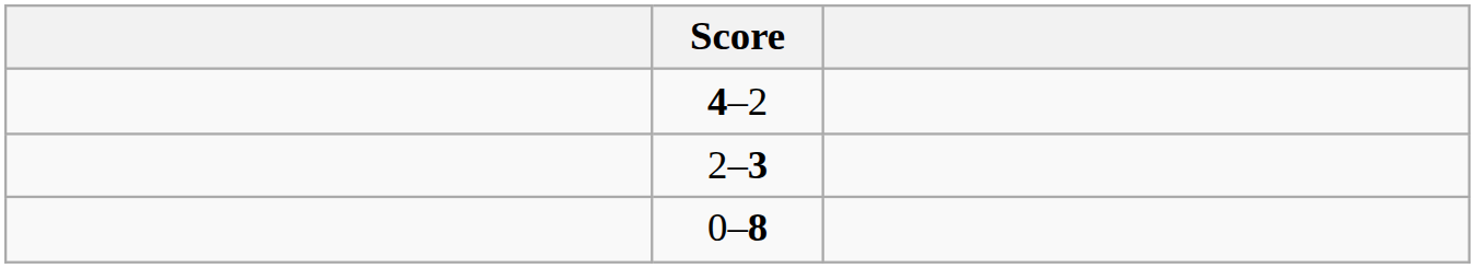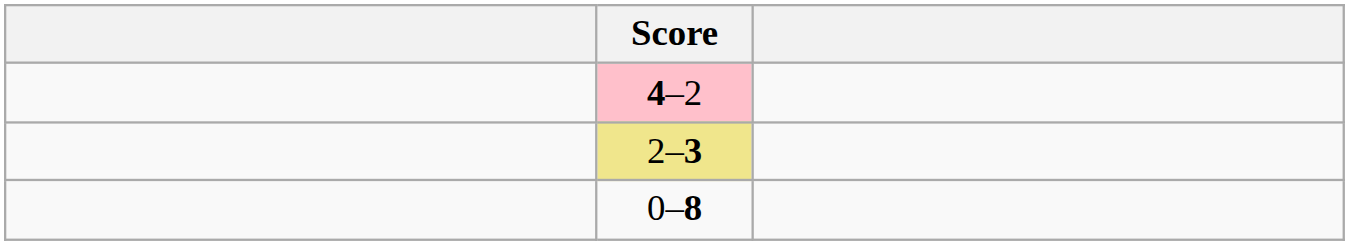 <table class="wikitable" style="text-align: center;">
 <tr>
 <th width=250></th>
 <th width=60>Score</th>
 <th width=250></th>
 </tr>
 <tr>
 <td align=left><strong></strong></td>
-<td><strong>4</strong>–2</td>
+<td style="background: pink;"><strong>4</strong>–2</td>
 <td align=left></td>
 </tr>
 <tr>
 <td align=left></td>
-<td>2–<strong>3</strong></td>
+<td style="background: khaki;">2–<strong>3</strong></td>
 <td align=left><strong></strong></td>
 </tr>
 <tr>
 <td align=left></td>
 <td>0–<strong>8</strong></td>
 <td align=left><strong></strong></td>
 </tr>
 </table>
